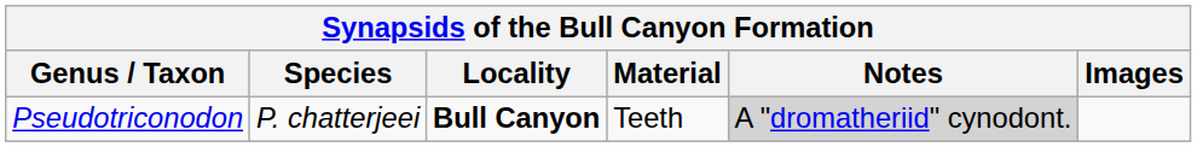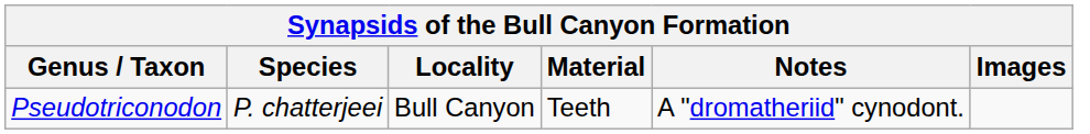 <table class="wikitable" align="center">
 <tr>
 <th colspan="6" align="center"><strong><a href='#'>Synapsids</a> of the Bull Canyon Formation</strong></th>
 </tr>
 <tr>
 <th>Genus / Taxon</th>
 <th>Species</th>
 <th>Locality</th>
 <th>Material</th>
 <th>Notes</th>
 <th>Images</th>
 </tr>
 <tr>
 <td><em><a href='#'>Pseudotriconodon</a></em></td>
 <td><em>P. chatterjeei</em></td>
-<td><strong>Bull Canyon</strong></td>
+<td>Bull Canyon</td>
 <td>Teeth</td>
-<td style="background: lightgrey;">A "<a href='#'>dromatheriid</a>" cynodont.</td>
+<td>A "<a href='#'>dromatheriid</a>" cynodont.</td>
 <td></td>
 </tr>
 </table>
